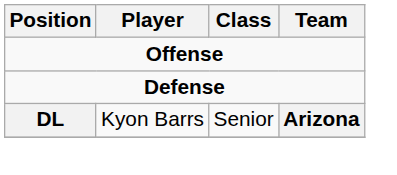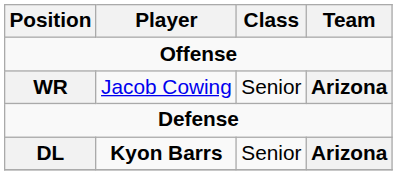 <table class="wikitable">
 <tr>
 <th>Position</th>
 <th>Player</th>
 <th>Class</th>
 <th>Team</th>
 </tr>
 <tr>
 <td colspan="4" style="text-align:center; "><strong>Offense</strong></td>
 </tr>
+<tr style="text-align:center;">
+<th rowspan="1">WR</th>
+<td><a href='#'>Jacob Cowing</a></td>
+<td>Senior</td>
+<th style=>Arizona</th>
+</tr>
 <tr>
 <td colspan="4" style="text-align:center; "><strong>Defense</strong></td>
 </tr>
 <tr style="text-align:center;">
 <th rowspan="1">DL</th>
-<td>Kyon Barrs</td>
+<td><strong>Kyon Barrs</strong></td>
 <td>Senior</td>
 <th style=>Arizona</th>
 </tr>
 <tr>
 </tr>
 </table>
